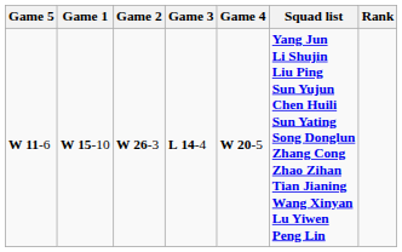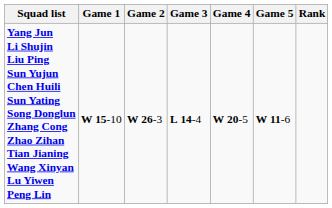 <table class="wikitable" style="text-align:left; font-size:90%">
 <tr>
-<th>Game 5</th>
+<th>Squad list</th>
 <th>Game 1</th>
 <th>Game 2</th>
 <th>Game 3</th>
 <th>Game 4</th>
-<th>Squad list</th>
+<th>Game 5</th>
 <th>Rank</th>
 </tr>
 <tr>
-<td><br><strong>W</strong> <strong>11</strong>-6</td>
+<td><strong><a href='#'>Yang Jun</a><br><a href='#'>Li Shujin</a><br><a href='#'>Liu Ping</a><br><a href='#'>Sun Yujun</a><br><a href='#'>Chen Huili</a><br><a href='#'>Sun Yating</a><br><a href='#'>Song Donglun</a><br><a href='#'>Zhang Cong</a><br><a href='#'>Zhao Zihan</a><br><a href='#'>Tian Jianing</a><br><a href='#'>Wang Xinyan</a><br><a href='#'>Lu Yiwen</a><br><a href='#'>Peng Lin</a></strong></td>
 <td><br><strong>W</strong> <strong>15</strong>-10</td>
 <td><br><strong>W</strong> <strong>26</strong>-3</td>
 <td><br><strong>L</strong> <strong>14</strong>-4</td>
 <td><br><strong>W</strong> <strong>20</strong>-5</td>
-<td><strong><a href='#'>Yang Jun</a><br><a href='#'>Li Shujin</a><br><a href='#'>Liu Ping</a><br><a href='#'>Sun Yujun</a><br><a href='#'>Chen Huili</a><br><a href='#'>Sun Yating</a><br><a href='#'>Song Donglun</a><br><a href='#'>Zhang Cong</a><br><a href='#'>Zhao Zihan</a><br><a href='#'>Tian Jianing</a><br><a href='#'>Wang Xinyan</a><br><a href='#'>Lu Yiwen</a><br><a href='#'>Peng Lin</a></strong></td>
+<td><br><strong>W</strong> <strong>11</strong>-6</td>
 <td></td>
 </tr>
 </table>
